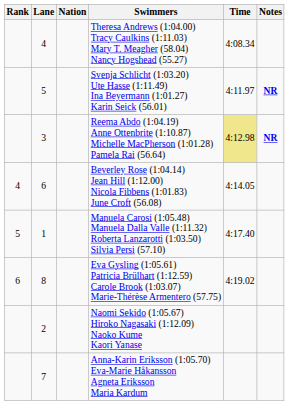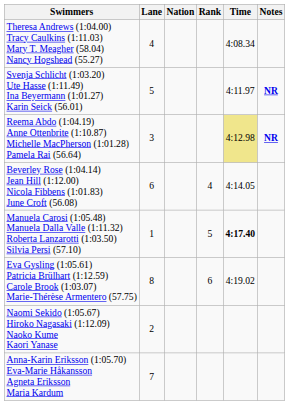 <table class="wikitable sortable" style="text-align:center">
 <tr>
-<th>Rank</th>
+<th>Swimmers</th>
 <th>Lane</th>
 <th>Nation</th>
-<th>Swimmers</th>
+<th>Rank</th>
 <th>Time</th>
 <th>Notes</th>
 </tr>
 <tr>
-<td></td>
+<td align=left><a href='#'>Theresa Andrews</a> (1:04.00)<br><a href='#'>Tracy Caulkins</a> (1:11.03)<br><a href='#'>Mary T. Meagher</a> (58.04)<br><a href='#'>Nancy Hogshead</a> (55.27)</td>
 <td>4</td>
 <td align=left></td>
-<td align=left><a href='#'>Theresa Andrews</a> (1:04.00)<br><a href='#'>Tracy Caulkins</a> (1:11.03)<br><a href='#'>Mary T. Meagher</a> (58.04)<br><a href='#'>Nancy Hogshead</a> (55.27)</td>
+<td></td>
 <td>4:08.34</td>
 <td></td>
 </tr>
 <tr>
-<td></td>
+<td align=left><a href='#'>Svenja Schlicht</a> (1:03.20)<br><a href='#'>Ute Hasse</a> (1:11.49)<br><a href='#'>Ina Beyermann</a> (1:01.27)<br><a href='#'>Karin Seick</a> (56.01)</td>
 <td>5</td>
 <td align=left></td>
-<td align=left><a href='#'>Svenja Schlicht</a> (1:03.20)<br><a href='#'>Ute Hasse</a> (1:11.49)<br><a href='#'>Ina Beyermann</a> (1:01.27)<br><a href='#'>Karin Seick</a> (56.01)</td>
+<td></td>
 <td>4:11.97</td>
 <td><strong><a href='#'>NR</a></strong></td>
 </tr>
 <tr>
-<td></td>
+<td align=left><a href='#'>Reema Abdo</a> (1:04.19)<br><a href='#'>Anne Ottenbrite</a> (1:10.87)<br><a href='#'>Michelle MacPherson</a> (1:01.28)<br><a href='#'>Pamela Rai</a> (56.64)</td>
 <td>3</td>
 <td align=left></td>
-<td align=left><a href='#'>Reema Abdo</a> (1:04.19)<br><a href='#'>Anne Ottenbrite</a> (1:10.87)<br><a href='#'>Michelle MacPherson</a> (1:01.28)<br><a href='#'>Pamela Rai</a> (56.64)</td>
+<td></td>
 <td style="background: khaki;">4:12.98</td>
 <td><strong><a href='#'>NR</a></strong></td>
 </tr>
 <tr>
-<td>4</td>
+<td align=left><a href='#'>Beverley Rose</a> (1:04.14)<br><a href='#'>Jean Hill</a> (1:12.00)<br><a href='#'>Nicola Fibbens</a> (1:01.83)<br><a href='#'>June Croft</a> (56.08)</td>
 <td>6</td>
 <td align=left></td>
-<td align=left><a href='#'>Beverley Rose</a> (1:04.14)<br><a href='#'>Jean Hill</a> (1:12.00)<br><a href='#'>Nicola Fibbens</a> (1:01.83)<br><a href='#'>June Croft</a> (56.08)</td>
+<td>4</td>
 <td>4:14.05</td>
 <td></td>
 </tr>
 <tr>
-<td>5</td>
+<td align=left><a href='#'>Manuela Carosi</a> (1:05.48)<br><a href='#'>Manuela Dalla Valle</a> (1:11.32)<br><a href='#'>Roberta Lanzarotti</a> (1:03.50)<br><a href='#'>Silvia Persi</a> (57.10)</td>
 <td>1</td>
 <td align=left></td>
-<td align=left><a href='#'>Manuela Carosi</a> (1:05.48)<br><a href='#'>Manuela Dalla Valle</a> (1:11.32)<br><a href='#'>Roberta Lanzarotti</a> (1:03.50)<br><a href='#'>Silvia Persi</a> (57.10)</td>
-<td>4:17.40</td>
+<td>5</td>
+<td><strong>4:17.40</strong></td>
 <td></td>
 </tr>
 <tr>
-<td>6</td>
+<td align=left><a href='#'>Eva Gysling</a> (1:05.61)<br><a href='#'>Patricia Brülhart</a> (1:12.59)<br><a href='#'>Carole Brook</a> (1:03.07)<br><a href='#'>Marie-Thérèse Armentero</a> (57.75)</td>
 <td>8</td>
 <td align=left></td>
-<td align=left><a href='#'>Eva Gysling</a> (1:05.61)<br><a href='#'>Patricia Brülhart</a> (1:12.59)<br><a href='#'>Carole Brook</a> (1:03.07)<br><a href='#'>Marie-Thérèse Armentero</a> (57.75)</td>
+<td>6</td>
 <td>4:19.02</td>
 <td></td>
 </tr>
 <tr>
-<td></td>
+<td align=left><a href='#'>Naomi Sekido</a> (1:05.67)<br><a href='#'>Hiroko Nagasaki</a> (1:12.09)<br><a href='#'>Naoko Kume</a><br><a href='#'>Kaori Yanase</a></td>
 <td>2</td>
 <td align=left></td>
-<td align=left><a href='#'>Naomi Sekido</a> (1:05.67)<br><a href='#'>Hiroko Nagasaki</a> (1:12.09)<br><a href='#'>Naoko Kume</a><br><a href='#'>Kaori Yanase</a></td>
+<td></td>
 <td></td>
 <td></td>
 </tr>
 <tr>
-<td></td>
+<td align=left><a href='#'>Anna-Karin Eriksson</a> (1:05.70)<br><a href='#'>Eva-Marie Håkansson</a><br><a href='#'>Agneta Eriksson</a><br><a href='#'>Maria Kardum</a></td>
 <td>7</td>
 <td align=left></td>
-<td align=left><a href='#'>Anna-Karin Eriksson</a> (1:05.70)<br><a href='#'>Eva-Marie Håkansson</a><br><a href='#'>Agneta Eriksson</a><br><a href='#'>Maria Kardum</a></td>
+<td></td>
 <td></td>
 <td></td>
 </tr>
 </table>
